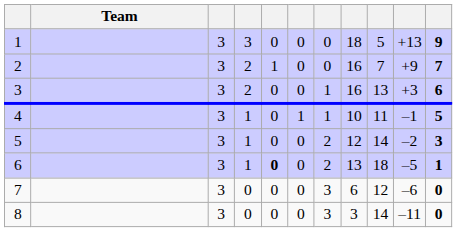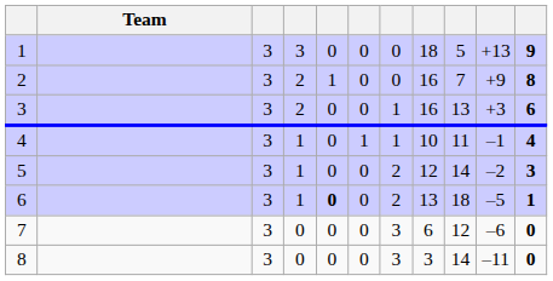 <table class="wikitable" style="text-align: center;">
 <tr>
 <th width="20"></th>
 <th style="width:175px;">Team</th>
 <th width="20"></th>
 <th width="20"></th>
 <th width="20"></th>
 <th width="20"></th>
 <th width="20"></th>
 <th width="20"></th>
 <th width="20"></th>
 <th width="25"></th>
 <th width="20"></th>
 </tr>
 <tr bgcolor=#ccccff>
 <td>1</td>
 <td align=left></td>
 <td>3</td>
 <td>3</td>
 <td>0</td>
 <td>0</td>
 <td>0</td>
 <td>18</td>
 <td>5</td>
 <td>+13</td>
 <td><strong>9</strong></td>
 </tr>
 <tr bgcolor=#ccccff>
 <td>2</td>
 <td align=left></td>
 <td>3</td>
 <td>2</td>
 <td>1</td>
 <td>0</td>
 <td>0</td>
 <td>16</td>
 <td>7</td>
 <td>+9</td>
-<td><strong>7</strong></td>
+<td><strong>8</strong></td>
 </tr>
 <tr bgcolor=#ccccff>
 <td>3</td>
 <td align=left></td>
 <td>3</td>
 <td>2</td>
 <td>0</td>
 <td>0</td>
 <td>1</td>
 <td>16</td>
 <td>13</td>
 <td>+3</td>
 <td><strong>6</strong></td>
 </tr>
 <tr style="border-bottom:3px solid blue;">
 </tr>
 <tr bgcolor=#ccccff>
 <td>4</td>
 <td align=left></td>
 <td>3</td>
 <td>1</td>
 <td>0</td>
 <td>1</td>
 <td>1</td>
 <td>10</td>
 <td>11</td>
 <td>–1</td>
-<td><strong>5</strong></td>
+<td><strong>4</strong></td>
 </tr>
 <tr bgcolor=#ccccff>
 <td>5</td>
 <td align=left></td>
 <td>3</td>
 <td>1</td>
 <td>0</td>
 <td>0</td>
 <td>2</td>
 <td>12</td>
 <td>14</td>
 <td>–2</td>
 <td><strong>3</strong></td>
 </tr>
 <tr bgcolor=#ccccff>
 <td>6</td>
 <td align=left></td>
 <td>3</td>
 <td>1</td>
 <td><strong>0</strong></td>
 <td>0</td>
 <td>2</td>
 <td>13</td>
 <td>18</td>
 <td>–5</td>
 <td><strong>1</strong></td>
 </tr>
 <tr>
 <td>7</td>
 <td align=left></td>
 <td>3</td>
 <td>0</td>
 <td>0</td>
 <td>0</td>
 <td>3</td>
 <td>6</td>
 <td>12</td>
 <td>–6</td>
 <td><strong>0</strong></td>
 </tr>
 <tr>
 <td>8</td>
 <td align=left></td>
 <td>3</td>
 <td>0</td>
 <td>0</td>
 <td>0</td>
 <td>3</td>
 <td>3</td>
 <td>14</td>
 <td>–11</td>
 <td><strong>0</strong></td>
 </tr>
 </table>
